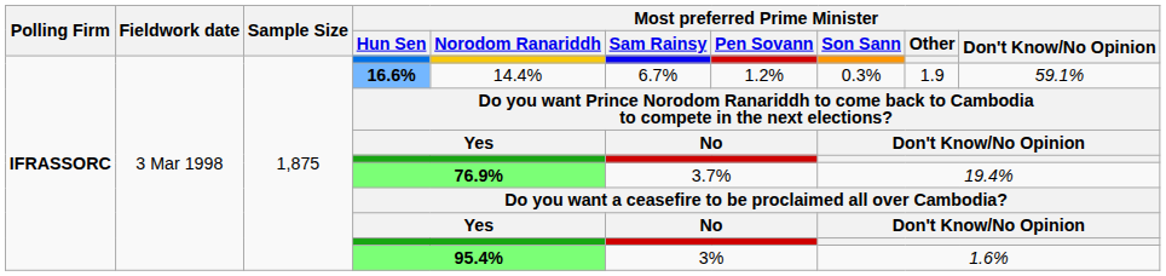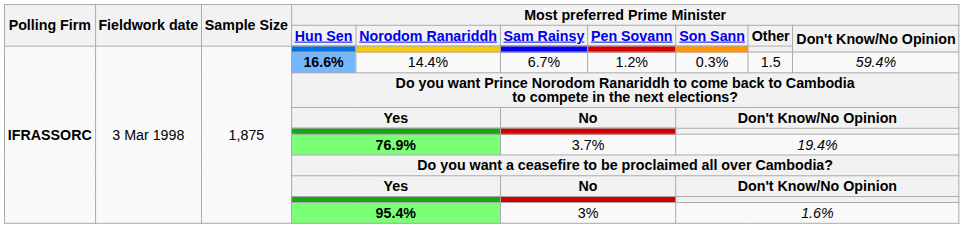 <table class="wikitable" style="text-align:center;font-size:90%;line-height:14px;">
 <tr>
 <th rowspan="2">Polling Firm</th>
 <th rowspan="2">Fieldwork date</th>
 <th rowspan="2">Sample Size</th>
 <th colspan="7">Most preferred Prime Minister</th>
 </tr>
 <tr>
 <th scope="col"><a href='#'>Hun Sen</a></th>
 <th scope="col"><a href='#'>Norodom Ranariddh</a></th>
 <th scope="col"><a href='#'>Sam Rainsy</a></th>
 <th><a href='#'>Pen Sovann</a></th>
 <th scope="col"><a href='#'>Son Sann</a></th>
 <th>Other</th>
 <th rowspan="2">Don't Know/No Opinion</th>
 </tr>
 <tr>
 <td rowspan="10"><strong>IFRASSORC</strong></td>
 <td rowspan="10">3 Mar 1998</td>
 <td rowspan="10">1,875</td>
 <th scope="col" class="unsortable" style="background:#0072E8;"></th>
 <th scope="col" class="unsortable" style="background:#F8C90C;"></th>
 <th scope="col" class="unsortable" style="background:#0601F1;"></th>
 <th scope="col" class="unsortable" style="background:#D40000;"></th>
 <th scope="col" class="unsortable" style="background:#FF9600;"></th>
 <th scope="col" class="unsortable" style="background:"></th>
 </tr>
 <tr>
 <td style="background:#74B7FF"><strong>16.6%</strong></td>
 <td>14.4%</td>
 <td>6.7%</td>
 <td>1.2%</td>
 <td>0.3%</td>
-<td>1.9</td>
-<td><em>59.1%</em></td>
+<td>1.5</td>
+<td><em>59.4%</em></td>
 </tr>
 <tr>
 <th colspan="7">Do you want Prince Norodom Ranariddh to come back to Cambodia<br>to compete in the next elections?</th>
 </tr>
 <tr>
 <th colspan="2">Yes</th>
 <th colspan="2">No</th>
 <th colspan="3">Don't Know/No Opinion</th>
 </tr>
 <tr>
 <th colspan="2" scope="col" class="unsortable" style="background:#17A611;"></th>
 <th colspan="2" scope="col" class="unsortable" style="background:#CF0000;"></th>
 <th colspan="3"></th>
 </tr>
 <tr>
 <td colspan="2" style="background:#7BFF76"><strong>76.9%</strong></td>
 <td colspan="2">3.7%</td>
 <td colspan="3"><em>19.4%</em></td>
 </tr>
 <tr>
 <th colspan="7">Do you want a ceasefire to be proclaimed all over Cambodia?</th>
 </tr>
 <tr>
 <th colspan="2">Yes</th>
 <th colspan="2">No</th>
 <th colspan="3">Don't Know/No Opinion</th>
 </tr>
 <tr>
 <th colspan="2" scope="col" class="unsortable" style="background:#17A611;"></th>
 <th colspan="2" scope="col" class="unsortable" style="background:#CF0000;"></th>
 <th colspan="3"></th>
 </tr>
 <tr>
 <td colspan="2" style="background:#7BFF76"><strong>95.4%</strong></td>
 <td colspan="2">3%</td>
 <td colspan="3"><em>1.6%</em></td>
 </tr>
 </table>
